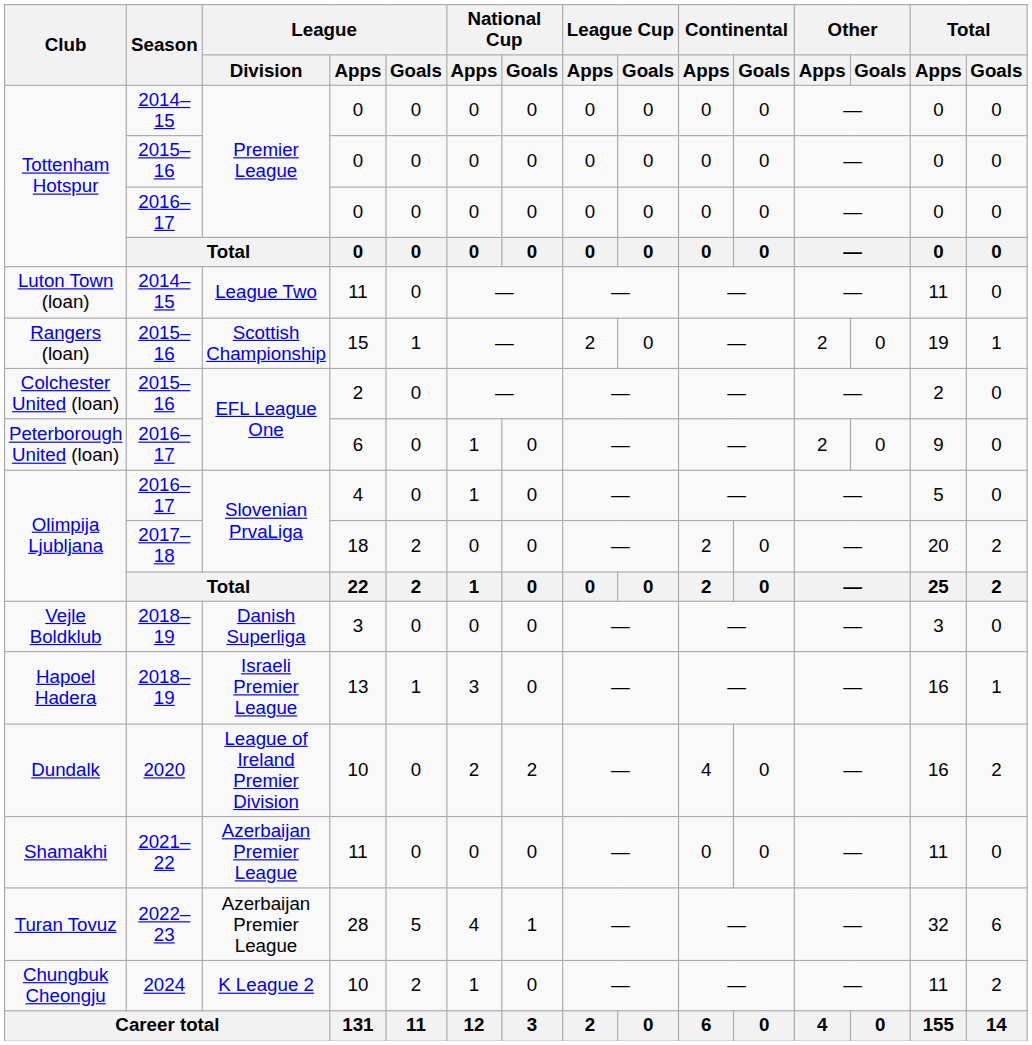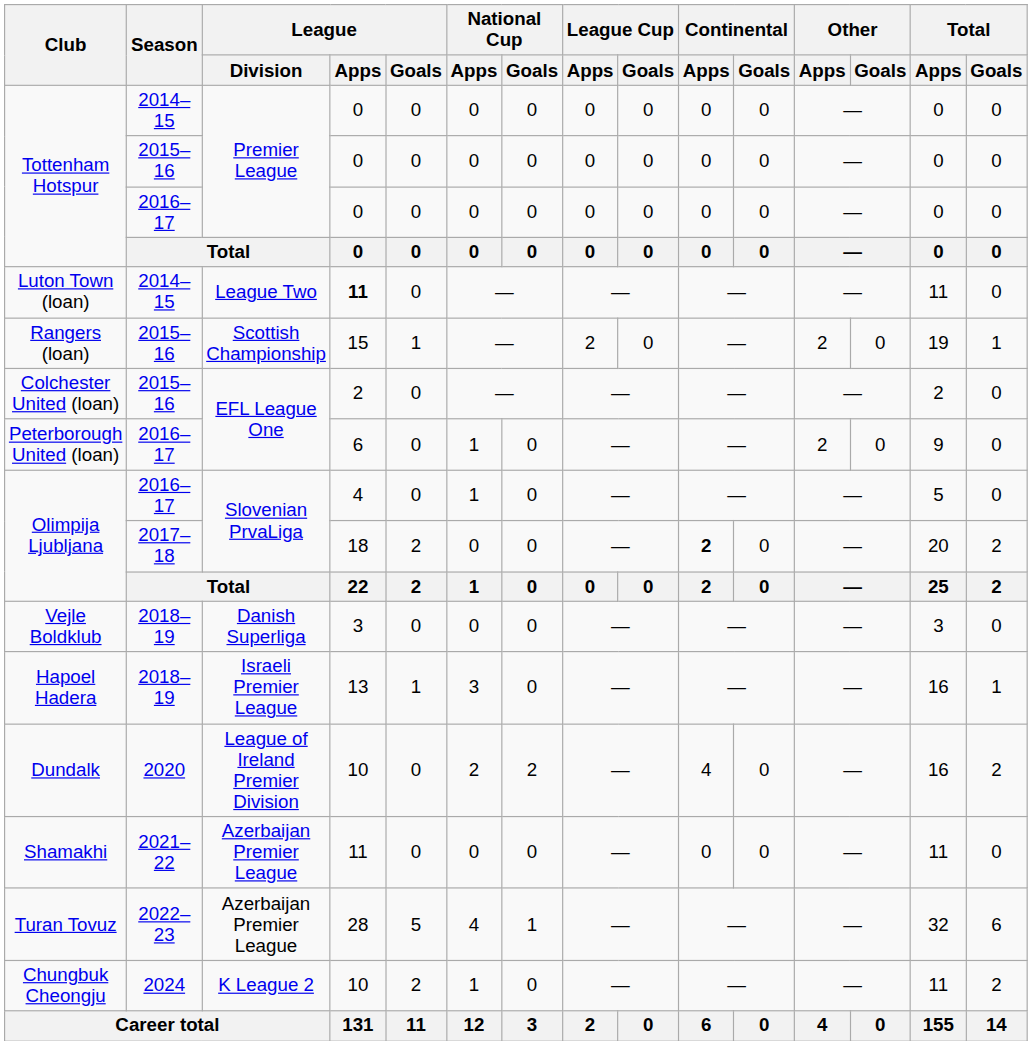 <table class=wikitable style=text-align:center>
 <tr>
 <th rowspan=2>Club</th>
 <th rowspan=2>Season</th>
 <th colspan=3>League</th>
 <th colspan=2>National Cup</th>
 <th colspan=2>League Cup</th>
 <th colspan=2>Continental</th>
 <th colspan=2>Other</th>
 <th colspan=2>Total</th>
 </tr>
 <tr>
 <th>Division</th>
 <th>Apps</th>
 <th>Goals</th>
 <th>Apps</th>
 <th>Goals</th>
 <th>Apps</th>
 <th>Goals</th>
 <th>Apps</th>
 <th>Goals</th>
 <th>Apps</th>
 <th>Goals</th>
 <th>Apps</th>
 <th>Goals</th>
 </tr>
 <tr>
 <td rowspan=4><a href='#'>Tottenham Hotspur</a></td>
 <td><a href='#'>2014–15</a></td>
 <td rowspan=3><a href='#'>Premier League</a></td>
 <td>0</td>
 <td>0</td>
 <td>0</td>
 <td>0</td>
 <td>0</td>
 <td>0</td>
 <td>0</td>
 <td>0</td>
 <td colspan=2>—</td>
 <td>0</td>
 <td>0</td>
 </tr>
 <tr>
 <td><a href='#'>2015–16</a></td>
 <td>0</td>
 <td>0</td>
 <td>0</td>
 <td>0</td>
 <td>0</td>
 <td>0</td>
 <td>0</td>
 <td>0</td>
 <td colspan=2>—</td>
 <td>0</td>
 <td>0</td>
 </tr>
 <tr>
 <td><a href='#'>2016–17</a></td>
 <td>0</td>
 <td>0</td>
 <td>0</td>
 <td>0</td>
 <td>0</td>
 <td>0</td>
 <td>0</td>
 <td>0</td>
 <td colspan=2>—</td>
 <td>0</td>
 <td>0</td>
 </tr>
 <tr>
 <th colspan=2>Total</th>
 <th>0</th>
 <th>0</th>
 <th>0</th>
 <th>0</th>
 <th>0</th>
 <th>0</th>
 <th>0</th>
 <th>0</th>
 <th colspan=2>—</th>
 <th>0</th>
 <th>0</th>
 </tr>
 <tr>
 <td><a href='#'>Luton Town</a> (loan)</td>
 <td><a href='#'>2014–15</a></td>
 <td><a href='#'>League Two</a></td>
-<td>11</td>
+<td><strong>11</strong></td>
 <td>0</td>
 <td colspan=2>—</td>
 <td colspan=2>—</td>
 <td colspan=2>—</td>
 <td colspan=2>—</td>
 <td>11</td>
 <td>0</td>
 </tr>
 <tr>
 <td><a href='#'>Rangers</a> (loan)</td>
 <td><a href='#'>2015–16</a></td>
 <td><a href='#'>Scottish Championship</a></td>
 <td>15</td>
 <td>1</td>
 <td colspan=2>—</td>
 <td>2</td>
 <td>0</td>
 <td colspan=2>—</td>
 <td>2</td>
 <td>0</td>
 <td>19</td>
 <td>1</td>
 </tr>
 <tr>
 <td><a href='#'>Colchester United</a> (loan)</td>
 <td><a href='#'>2015–16</a></td>
 <td rowspan=2><a href='#'>EFL League One</a></td>
 <td>2</td>
 <td>0</td>
 <td colspan=2>—</td>
 <td colspan=2>—</td>
 <td colspan=2>—</td>
 <td colspan=2>—</td>
 <td>2</td>
 <td>0</td>
 </tr>
 <tr>
 <td><a href='#'>Peterborough United</a> (loan)</td>
 <td><a href='#'>2016–17</a></td>
 <td>6</td>
 <td>0</td>
 <td>1</td>
 <td>0</td>
 <td colspan=2>—</td>
 <td colspan=2>—</td>
 <td>2</td>
 <td>0</td>
 <td>9</td>
 <td>0</td>
 </tr>
 <tr>
 <td rowspan=3><a href='#'>Olimpija Ljubljana</a></td>
 <td><a href='#'>2016–17</a></td>
 <td rowspan=2><a href='#'>Slovenian PrvaLiga</a></td>
 <td>4</td>
 <td>0</td>
 <td>1</td>
 <td>0</td>
 <td colspan=2>—</td>
 <td colspan=2>—</td>
 <td colspan=2>—</td>
 <td>5</td>
 <td>0</td>
 </tr>
 <tr>
 <td><a href='#'>2017–18</a></td>
 <td>18</td>
 <td>2</td>
 <td>0</td>
 <td>0</td>
 <td colspan=2>—</td>
-<td>2</td>
+<td><strong>2</strong></td>
 <td>0</td>
 <td colspan=2>—</td>
 <td>20</td>
 <td>2</td>
 </tr>
 <tr>
 <th colspan=2>Total</th>
 <th>22</th>
 <th>2</th>
 <th>1</th>
 <th>0</th>
 <th>0</th>
 <th>0</th>
 <th>2</th>
 <th>0</th>
 <th colspan=2>—</th>
 <th>25</th>
 <th>2</th>
 </tr>
 <tr>
 <td><a href='#'>Vejle Boldklub</a></td>
 <td><a href='#'>2018–19</a></td>
 <td><a href='#'>Danish Superliga</a></td>
 <td>3</td>
 <td>0</td>
 <td>0</td>
 <td>0</td>
 <td colspan=2>—</td>
 <td colspan=2>—</td>
 <td colspan=2>—</td>
 <td>3</td>
 <td>0</td>
 </tr>
 <tr>
 <td><a href='#'>Hapoel Hadera</a></td>
 <td><a href='#'>2018–19</a></td>
 <td><a href='#'>Israeli Premier League</a></td>
 <td>13</td>
 <td>1</td>
 <td>3</td>
 <td>0</td>
 <td colspan=2>—</td>
 <td colspan=2>—</td>
 <td colspan=2>—</td>
 <td>16</td>
 <td>1</td>
 </tr>
 <tr>
 <td><a href='#'>Dundalk</a></td>
 <td><a href='#'>2020</a></td>
 <td><a href='#'>League of Ireland Premier Division</a></td>
 <td>10</td>
 <td>0</td>
 <td>2</td>
 <td>2</td>
 <td colspan=2>—</td>
 <td>4</td>
 <td>0</td>
 <td colspan=2>—</td>
 <td>16</td>
 <td>2</td>
 </tr>
 <tr>
 <td><a href='#'>Shamakhi</a></td>
 <td><a href='#'>2021–22</a></td>
 <td><a href='#'>Azerbaijan Premier League</a></td>
 <td>11</td>
 <td>0</td>
 <td>0</td>
 <td>0</td>
 <td colspan=2>—</td>
 <td>0</td>
 <td>0</td>
 <td colspan=2>—</td>
 <td>11</td>
 <td>0</td>
 </tr>
 <tr>
 <td><a href='#'>Turan Tovuz</a></td>
 <td><a href='#'>2022–23</a></td>
 <td>Azerbaijan Premier League</td>
 <td>28</td>
 <td>5</td>
 <td>4</td>
 <td>1</td>
 <td colspan=2>—</td>
 <td colspan=2>—</td>
 <td colspan=2>—</td>
 <td>32</td>
 <td>6</td>
 </tr>
 <tr>
 <td><a href='#'>Chungbuk Cheongju</a></td>
 <td><a href='#'>2024</a></td>
 <td><a href='#'>K League 2</a></td>
 <td>10</td>
 <td>2</td>
 <td>1</td>
 <td>0</td>
 <td colspan=2>—</td>
 <td colspan=2>—</td>
 <td colspan=2>—</td>
 <td>11</td>
 <td>2</td>
 </tr>
 <tr>
 <th colspan=3>Career total</th>
 <th>131</th>
 <th>11</th>
 <th>12</th>
 <th>3</th>
 <th>2</th>
 <th>0</th>
 <th>6</th>
 <th>0</th>
 <th>4</th>
 <th>0</th>
 <th>155</th>
 <th>14</th>
 </tr>
 </table>
